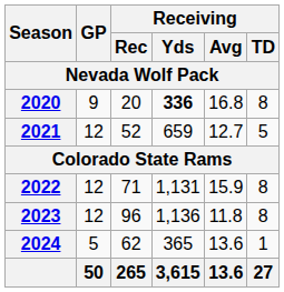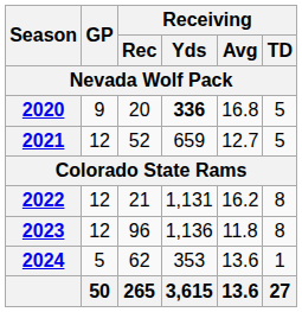 <table class="wikitable" style="text-align:center;">
 <tr>
 <th rowspan="2">Season</th>
 <th rowspan="2">GP</th>
 <th colspan="4">Receiving</th>
 </tr>
 <tr>
 <th>Rec</th>
 <th>Yds</th>
 <th>Avg</th>
 <th>TD</th>
 </tr>
 <tr>
 <th colspan="11">Nevada Wolf Pack</th>
 </tr>
 <tr>
 <th><a href='#'>2020</a></th>
 <td>9</td>
 <td>20</td>
 <td><strong>336</strong></td>
 <td>16.8</td>
-<td>8</td>
+<td>5</td>
 </tr>
 <tr>
 <th><a href='#'>2021</a></th>
 <td>12</td>
 <td>52</td>
 <td>659</td>
 <td>12.7</td>
 <td>5</td>
 </tr>
 <tr>
 <th colspan="11">Colorado State Rams</th>
 </tr>
 <tr>
 <th><a href='#'>2022</a></th>
 <td>12</td>
-<td>71</td>
+<td>21</td>
 <td>1,131</td>
-<td>15.9</td>
+<td>16.2</td>
 <td>8</td>
 </tr>
 <tr>
 <th><a href='#'>2023</a></th>
 <td>12</td>
 <td>96</td>
 <td>1,136</td>
 <td>11.8</td>
 <td>8</td>
 </tr>
 <tr>
 <th><a href='#'>2024</a></th>
 <td>5</td>
 <td>62</td>
-<td>365</td>
+<td>353</td>
 <td>13.6</td>
 <td>1</td>
 </tr>
 <tr>
 <th></th>
 <th>50</th>
 <th>265</th>
 <th>3,615</th>
 <th>13.6</th>
 <th>27</th>
 </tr>
 </table>
